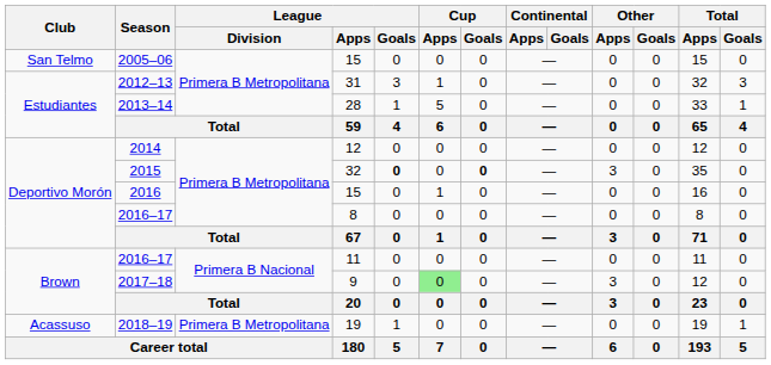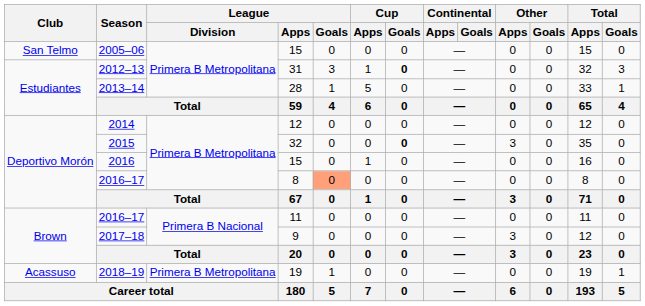 <table class="wikitable" style="text-align:center">
 <tr>
 <th rowspan="2">Club</th>
 <th rowspan="2">Season</th>
 <th colspan="3">League</th>
 <th colspan="2">Cup</th>
 <th colspan="2">Continental</th>
 <th colspan="2">Other</th>
 <th colspan="2">Total</th>
 </tr>
 <tr>
 <th>Division</th>
 <th>Apps</th>
 <th>Goals</th>
 <th>Apps</th>
 <th>Goals</th>
 <th>Apps</th>
 <th>Goals</th>
 <th>Apps</th>
 <th>Goals</th>
 <th>Apps</th>
 <th>Goals</th>
 </tr>
 <tr>
 <td rowspan="1"><a href='#'>San Telmo</a></td>
 <td><a href='#'>2005–06</a></td>
 <td rowspan="3"><a href='#'>Primera B Metropolitana</a></td>
 <td>15</td>
 <td>0</td>
 <td>0</td>
 <td>0</td>
 <td colspan="2">—</td>
 <td>0</td>
 <td>0</td>
 <td>15</td>
 <td>0</td>
 </tr>
 <tr>
 <td rowspan="3"><a href='#'>Estudiantes</a></td>
 <td><a href='#'>2012–13</a></td>
 <td>31</td>
 <td>3</td>
 <td>1</td>
-<td>0</td>
+<td><strong>0</strong></td>
 <td colspan="2">—</td>
 <td>0</td>
 <td>0</td>
 <td>32</td>
 <td>3</td>
 </tr>
 <tr>
 <td><a href='#'>2013–14</a></td>
 <td>28</td>
 <td>1</td>
 <td>5</td>
 <td>0</td>
 <td colspan="2">—</td>
 <td>0</td>
 <td>0</td>
 <td>33</td>
 <td>1</td>
 </tr>
 <tr>
 <th colspan="2">Total</th>
 <th>59</th>
 <th>4</th>
 <th>6</th>
 <th>0</th>
 <th colspan="2">—</th>
 <th>0</th>
 <th>0</th>
 <th>65</th>
 <th>4</th>
 </tr>
 <tr>
 <td rowspan="5"><a href='#'>Deportivo Morón</a></td>
 <td><a href='#'>2014</a></td>
 <td rowspan="4"><a href='#'>Primera B Metropolitana</a></td>
 <td>12</td>
 <td>0</td>
 <td>0</td>
 <td>0</td>
 <td colspan="2">—</td>
 <td>0</td>
 <td>0</td>
 <td>12</td>
 <td>0</td>
 </tr>
 <tr>
 <td><a href='#'>2015</a></td>
 <td>32</td>
-<td><strong>0</strong></td>
+<td>0</td>
 <td>0</td>
 <td><strong>0</strong></td>
 <td colspan="2">—</td>
 <td>3</td>
 <td>0</td>
 <td>35</td>
 <td>0</td>
 </tr>
 <tr>
 <td><a href='#'>2016</a></td>
 <td>15</td>
 <td>0</td>
 <td>1</td>
 <td>0</td>
 <td colspan="2">—</td>
 <td>0</td>
 <td>0</td>
 <td>16</td>
 <td>0</td>
 </tr>
 <tr>
 <td><a href='#'>2016–17</a></td>
 <td>8</td>
-<td>0</td>
+<td style="background: lightsalmon;">0</td>
 <td>0</td>
 <td>0</td>
 <td colspan="2">—</td>
 <td>0</td>
 <td>0</td>
 <td>8</td>
 <td>0</td>
 </tr>
 <tr>
 <th colspan="2">Total</th>
 <th>67</th>
 <th>0</th>
 <th>1</th>
 <th>0</th>
 <th colspan="2">—</th>
 <th>3</th>
 <th>0</th>
 <th>71</th>
 <th>0</th>
 </tr>
 <tr>
 <td rowspan="3"><a href='#'>Brown</a></td>
 <td><a href='#'>2016–17</a></td>
 <td rowspan="2"><a href='#'>Primera B Nacional</a></td>
 <td>11</td>
 <td>0</td>
 <td>0</td>
 <td>0</td>
 <td colspan="2">—</td>
 <td>0</td>
 <td>0</td>
 <td>11</td>
 <td>0</td>
 </tr>
 <tr>
 <td><a href='#'>2017–18</a></td>
 <td>9</td>
 <td>0</td>
-<td style="background: lightgreen;">0</td>
+<td>0</td>
 <td>0</td>
 <td colspan="2">—</td>
 <td>3</td>
 <td>0</td>
 <td>12</td>
 <td>0</td>
 </tr>
 <tr>
 <th colspan="2">Total</th>
 <th>20</th>
 <th>0</th>
 <th>0</th>
 <th>0</th>
 <th colspan="2">—</th>
 <th>3</th>
 <th>0</th>
 <th>23</th>
 <th>0</th>
 </tr>
 <tr>
 <td rowspan="1"><a href='#'>Acassuso</a></td>
 <td><a href='#'>2018–19</a></td>
 <td rowspan="1"><a href='#'>Primera B Metropolitana</a></td>
 <td>19</td>
 <td>1</td>
 <td>0</td>
 <td>0</td>
 <td colspan="2">—</td>
 <td>0</td>
 <td>0</td>
 <td>19</td>
 <td>1</td>
 </tr>
 <tr>
 <th colspan="3">Career total</th>
 <th>180</th>
 <th>5</th>
 <th>7</th>
 <th>0</th>
 <th colspan="2">—</th>
 <th>6</th>
 <th>0</th>
 <th>193</th>
 <th>5</th>
 </tr>
 </table>
